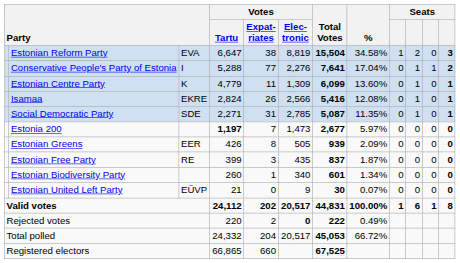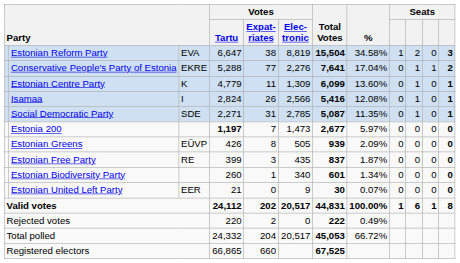 <table class="wikitable" border="1" style="text-align:right;">
 <tr>
 <th style="text-align:left;" valign=bottom rowspan=2 colspan=3>Party</th>
 <th colspan=3>Votes</th>
 <th align=center valign=bottom rowspan=2 width="50">Total Votes</th>
 <th align=center valign=bottom rowspan=2 width="50">%</th>
 <th colspan=4>Seats</th>
 </tr>
 <tr>
 <th align=center valign=bottom width="50"><a href='#'>Tartu</a></th>
 <th align=center valign=bottom width="50"><a href='#'>Expat- riates</a></th>
 <th align=center valign=bottom width="50"><a href='#'>Elec- tronic</a></th>
 <th align=center valign=bottom width="20"><small></small></th>
 <th align=center valign=bottom width="20"><small></small></th>
 <th align=center valign=bottom width="20"><small></small></th>
 <th align=center valign=bottom width="20"><small></small></th>
 </tr>
 <tr style="background:#CEE0F2;">
 <td style="background:"></td>
 <td align=left><a href='#'>Estonian Reform Party</a></td>
 <td align=left>EVA</td>
 <td>6,647</td>
 <td>38</td>
 <td>8,819</td>
 <td><strong>15,504</strong></td>
 <td>34.58%</td>
 <td>1</td>
 <td>2</td>
 <td>0</td>
 <td><strong>3</strong></td>
 </tr>
 <tr style="background:#CEE0F2;">
 <td style="background:"></td>
 <td align=left><a href='#'>Conservative People's Party of Estonia</a></td>
-<td align=left>I</td>
+<td align=left>EKRE</td>
 <td>5,288</td>
 <td>77</td>
 <td>2,276</td>
 <td><strong>7,641</strong></td>
 <td>17.04%</td>
 <td>0</td>
 <td>1</td>
 <td>1</td>
 <td><strong>2</strong></td>
 </tr>
 <tr style="background:#CEE0F2;">
 <td style="background:"></td>
 <td align=left><a href='#'>Estonian Centre Party</a></td>
 <td align=left>K</td>
 <td>4,779</td>
 <td>11</td>
 <td>1,309</td>
 <td><strong>6,099</strong></td>
 <td>13.60%</td>
 <td>0</td>
 <td>1</td>
 <td>0</td>
 <td><strong>1</strong></td>
 </tr>
 <tr style="background:#CEE0F2;">
 <td style="background:"></td>
 <td align=left><a href='#'>Isamaa</a></td>
-<td align=left>EKRE</td>
+<td align=left>I</td>
 <td>2,824</td>
 <td>26</td>
 <td>2,566</td>
 <td><strong>5,416</strong></td>
 <td>12.08%</td>
 <td>0</td>
 <td>1</td>
 <td>0</td>
 <td><strong>1</strong></td>
 </tr>
 <tr style="background:#CEE0F2;">
 <td style="background:"></td>
 <td align=left><a href='#'>Social Democratic Party</a></td>
 <td align=left>SDE</td>
 <td>2,271</td>
 <td>31</td>
 <td>2,785</td>
 <td><strong>5,087</strong></td>
 <td>11.35%</td>
 <td>0</td>
 <td>1</td>
 <td>0</td>
 <td><strong>1</strong></td>
 </tr>
 <tr>
 <td style="background:"></td>
 <td align=left><a href='#'>Estonia 200</a></td>
 <td></td>
 <td><strong>1,197</strong></td>
 <td>7</td>
 <td>1,473</td>
 <td><strong>2,677</strong></td>
 <td>5.97%</td>
 <td>0</td>
 <td>0</td>
 <td>0</td>
 <td><strong>0</strong></td>
 </tr>
 <tr>
 <td style="background:"></td>
 <td align=left><a href='#'>Estonian Greens</a></td>
-<td align=left>EER</td>
+<td align=left>EÜVP</td>
 <td>426</td>
 <td>8</td>
 <td>505</td>
 <td><strong>939</strong></td>
 <td>2.09%</td>
 <td>0</td>
 <td>0</td>
 <td>0</td>
 <td><strong>0</strong></td>
 </tr>
 <tr>
 <td style="background:"></td>
 <td align=left><a href='#'>Estonian Free Party</a></td>
 <td align=left>RE</td>
 <td>399</td>
 <td>3</td>
 <td>435</td>
 <td><strong>837</strong></td>
 <td>1.87%</td>
 <td>0</td>
 <td>0</td>
 <td>0</td>
 <td><strong>0</strong></td>
 </tr>
 <tr>
 <td style="background:"></td>
 <td align=left><a href='#'>Estonian Biodiversity Party</a></td>
 <td></td>
 <td>260</td>
 <td>1</td>
 <td>340</td>
 <td><strong>601</strong></td>
 <td>1.34%</td>
 <td>0</td>
 <td>0</td>
 <td>0</td>
 <td><strong>0</strong></td>
 </tr>
 <tr>
 <td style="background:"></td>
 <td align=left><a href='#'>Estonian United Left Party</a></td>
-<td align=left>EÜVP</td>
+<td align=left>EER</td>
 <td>21</td>
 <td>0</td>
 <td>9</td>
 <td><strong>30</strong></td>
 <td>0.07%</td>
 <td>0</td>
 <td>0</td>
 <td>0</td>
 <td><strong>0</strong></td>
 </tr>
 <tr style="font-weight:bold">
 <td align=left colspan=3>Valid votes</td>
 <td>24,112</td>
 <td>202</td>
 <td>20,517</td>
 <td>44,831</td>
 <td>100.00%</td>
 <td>1</td>
 <td>6</td>
 <td>1</td>
 <td>8</td>
 </tr>
 <tr>
 <td align=left colspan=3>Rejected votes</td>
 <td>220</td>
 <td>2</td>
-<td><strong>0</strong></td>
+<td>0</td>
 <td><strong>222</strong></td>
 <td>0.49%</td>
 <td></td>
 <td></td>
 <td></td>
 <td></td>
 </tr>
 <tr>
 <td align=left colspan=3>Total polled</td>
 <td>24,332</td>
 <td>204</td>
 <td>20,517</td>
 <td><strong>45,053</strong></td>
 <td>66.72%</td>
 <td></td>
 <td></td>
 <td></td>
 <td></td>
 </tr>
 <tr>
 <td align=left colspan=3>Registered electors</td>
 <td>66,865</td>
 <td>660</td>
 <td></td>
 <td><strong>67,525</strong></td>
 <td></td>
 <td></td>
 <td></td>
 <td></td>
 <td></td>
 </tr>
 </table>
